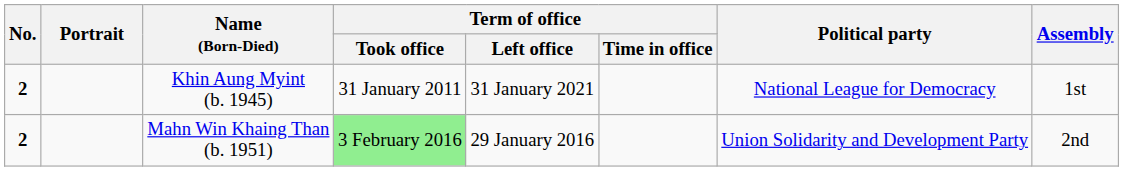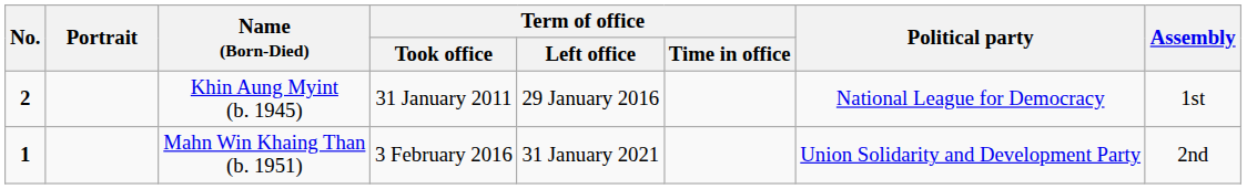 <table class="wikitable" style="text-align:center; border:1px #AAAAFF solid">
 <tr>
 <th rowspan=2>No.</th>
 <th width=80 rowspan=2>Portrait</th>
 <th rowspan=2>Name<br><small>(Born-Died)</small></th>
 <th colspan=3>Term of office</th>
 <th rowspan=2>Political party</th>
 <th rowspan=2><a href='#'>Assembly</a></th>
 </tr>
 <tr>
 <th>Took office</th>
 <th>Left office</th>
 <th>Time in office</th>
 </tr>
 <tr>
 <td style="background:"><strong>2</strong></td>
 <td></td>
 <td><a href='#'>Khin Aung Myint</a> <br> (b. 1945)</td>
 <td>31 January 2011</td>
-<td>31 January 2021</td>
+<td>29 January 2016</td>
 <td></td>
 <td><a href='#'>National League for Democracy</a></td>
 <td>1st</td>
 </tr>
 <tr>
-<td style="background:"><strong>2</strong></td>
+<td style="background:"><strong>1</strong></td>
 <td></td>
 <td><a href='#'>Mahn Win Khaing Than</a> <br> (b. 1951)</td>
-<td style="background: lightgreen;">3 February 2016</td>
-<td>29 January 2016</td>
+<td>3 February 2016</td>
+<td>31 January 2021</td>
 <td></td>
 <td><a href='#'>Union Solidarity and Development Party</a></td>
 <td>2nd</td>
 </tr>
 </table>
